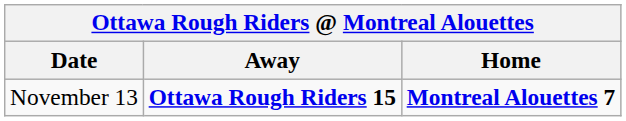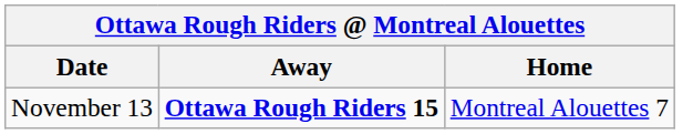 <table class="wikitable">
 <tr>
 <th colspan = "4"><a href='#'>Ottawa Rough Riders</a> @ <a href='#'>Montreal Alouettes</a></th>
 </tr>
 <tr>
 <th>Date</th>
 <th>Away</th>
 <th>Home</th>
 </tr>
 <tr>
 <td>November 13</td>
 <td><strong><a href='#'>Ottawa Rough Riders</a> 15</strong></td>
-<td><strong><a href='#'>Montreal Alouettes</a> 7</strong></td>
+<td><a href='#'>Montreal Alouettes</a> 7</td>
 </tr>
 </table>
